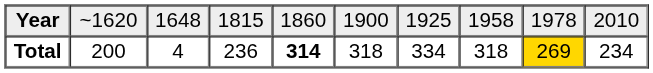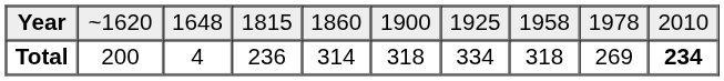 <table border="1" cellpadding="2" cellspacing="0" width="500">
 <tr bgcolor="#eeeeee" align="center">
 <td><strong>Year</strong></td>
 <td>~1620</td>
 <td>1648</td>
 <td>1815</td>
 <td>1860</td>
 <td>1900</td>
 <td>1925</td>
 <td>1958</td>
 <td>1978</td>
 <td>2010</td>
 </tr>
 <tr align="center">
 <td><strong>Total</strong></td>
 <td>200</td>
 <td>4</td>
 <td>236</td>
-<td><strong>314</strong></td>
+<td>314</td>
 <td>318</td>
 <td>334</td>
 <td>318</td>
-<td style="background: gold;">269</td>
-<td>234</td>
+<td>269</td>
+<td><strong>234</strong></td>
 </tr>
 </table>
